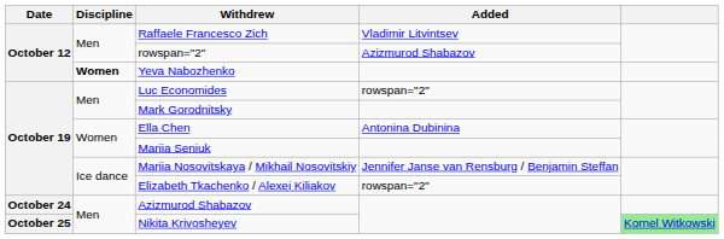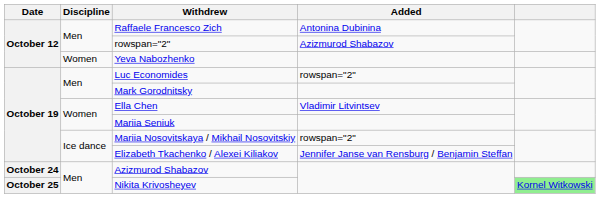 <table class="wikitable unsortable" style="text-align:left;">
 <tr>
 <th scope="col">Date</th>
 <th scope="col">Discipline</th>
 <th scope="col">Withdrew</th>
 <th scope="col">Added</th>
 <th scope="col"></th>
 </tr>
 <tr>
 <th scope="row" style="text-align:left" rowspan="3">October 12</th>
 <td rowspan="2">Men</td>
 <td> <a href='#'>Raffaele Francesco Zich</a></td>
-<td> <a href='#'>Vladimir Litvintsev</a></td>
+<td> <a href='#'>Antonina Dubinina</a></td>
 <td rowspan="2"></td>
 </tr>
 <tr>
 <td>rowspan="2" </td>
 <td> <a href='#'>Azizmurod Shabazov</a></td>
 </tr>
 <tr>
-<td><strong>Women</strong></td>
+<td>Women</td>
 <td> <a href='#'>Yeva Nabozhenko</a></td>
 <td></td>
 </tr>
 <tr>
 <th scope="row" style="text-align:left" rowspan="6">October 19</th>
 <td rowspan="2">Men</td>
 <td> <a href='#'>Luc Economides</a></td>
 <td>rowspan="2" </td>
 <td rowspan="2"></td>
 </tr>
 <tr>
 <td> <a href='#'>Mark Gorodnitsky</a></td>
 </tr>
 <tr>
 <td rowspan="2">Women</td>
 <td> <a href='#'>Ella Chen</a></td>
-<td> <a href='#'>Antonina Dubinina</a></td>
+<td> <a href='#'>Vladimir Litvintsev</a></td>
 <td rowspan="2"></td>
 </tr>
 <tr>
 <td> <a href='#'>Mariia Seniuk</a></td>
 <td></td>
 </tr>
 <tr>
 <td rowspan="2">Ice dance</td>
 <td> <a href='#'>Mariia Nosovitskaya</a> / <a href='#'>Mikhail Nosovitskiy</a></td>
-<td> <a href='#'>Jennifer Janse van Rensburg</a> / <a href='#'>Benjamin Steffan</a></td>
+<td>rowspan="2" </td>
 <td rowspan="2"></td>
 </tr>
 <tr>
 <td> <a href='#'>Elizabeth Tkachenko</a> / <a href='#'>Alexei Kiliakov</a></td>
-<td>rowspan="2" </td>
+<td> <a href='#'>Jennifer Janse van Rensburg</a> / <a href='#'>Benjamin Steffan</a></td>
 </tr>
 <tr>
 <th scope="row" style="text-align:left">October 24</th>
 <td rowspan="2">Men</td>
 <td> <a href='#'>Azizmurod Shabazov</a></td>
 <td rowspan="2"></td>
 </tr>
 <tr>
 <th scope="row" style="text-align:left">October 25</th>
 <td> <a href='#'>Nikita Krivosheyev</a></td>
 <td style="background: lightgreen;"> <a href='#'>Kornel Witkowski</a></td>
 </tr>
 </table>
